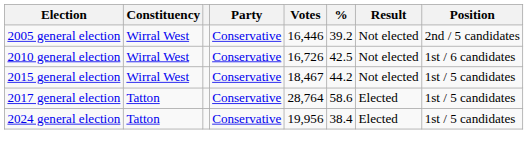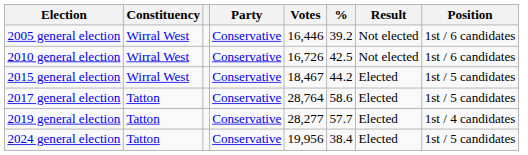 <table class="wikitable">
 <tr>
 <th>Election</th>
 <th>Constituency</th>
 <th></th>
 <th>Party</th>
 <th>Votes</th>
 <th>%</th>
 <th>Result</th>
 <th>Position</th>
 </tr>
 <tr>
 <td><a href='#'>2005 general election</a></td>
 <td><a href='#'>Wirral West</a></td>
 <td style="background-color: "></td>
 <td><a href='#'>Conservative</a></td>
 <td>16,446</td>
 <td>39.2</td>
 <td>Not elected</td>
-<td>2nd / 5 candidates</td>
+<td>1st / 6 candidates</td>
 </tr>
 <tr>
 <td><a href='#'>2010 general election</a></td>
 <td><a href='#'>Wirral West</a></td>
 <td style="background-color: "></td>
 <td><a href='#'>Conservative</a></td>
 <td>16,726</td>
 <td>42.5</td>
 <td>Not elected</td>
 <td>1st / 6 candidates</td>
 </tr>
 <tr>
 <td><a href='#'>2015 general election</a></td>
 <td><a href='#'>Wirral West</a></td>
 <td style="background-color: "></td>
 <td><a href='#'>Conservative</a></td>
 <td>18,467</td>
 <td>44.2</td>
-<td>Not elected</td>
+<td>Elected</td>
 <td>1st / 5 candidates</td>
 </tr>
 <tr>
 <td><a href='#'>2017 general election</a></td>
 <td><a href='#'>Tatton</a></td>
 <td style="background-color: "></td>
 <td><a href='#'>Conservative</a></td>
 <td>28,764</td>
 <td>58.6</td>
 <td>Elected</td>
 <td>1st / 5 candidates</td>
 </tr>
 <tr>
+<td><a href='#'>2019 general election</a></td>
+<td><a href='#'>Tatton</a></td>
+<td style="background-color: "></td>
+<td><a href='#'>Conservative</a></td>
+<td>28,277</td>
+<td>57.7</td>
+<td>Elected</td>
+<td>1st / 4 candidates</td>
+</tr>
+<tr>
 <td><a href='#'>2024 general election</a></td>
 <td><a href='#'>Tatton</a></td>
 <td style="background-color: "></td>
 <td><a href='#'>Conservative</a></td>
 <td>19,956</td>
 <td>38.4</td>
 <td>Elected</td>
 <td>1st / 5 candidates</td>
 </tr>
 </table>
